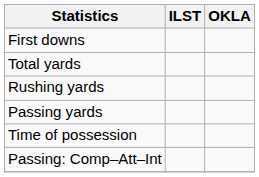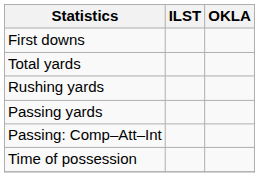 <table class="wikitable" style="float: left;">
 <tr>
 <th>Statistics</th>
 <th>ILST</th>
 <th>OKLA</th>
 </tr>
 <tr>
 <td>First downs</td>
 <td></td>
 <td></td>
 </tr>
 <tr>
 <td>Total yards</td>
 <td></td>
 <td></td>
 </tr>
 <tr>
 <td>Rushing yards</td>
 <td></td>
 <td></td>
 </tr>
 <tr>
 <td>Passing yards</td>
 <td></td>
 <td></td>
 </tr>
 <tr>
-<td>Time of possession</td>
+<td>Passing: Comp–Att–Int</td>
 <td></td>
 <td></td>
 </tr>
 <tr>
-<td>Passing: Comp–Att–Int</td>
+<td>Time of possession</td>
 <td></td>
 <td></td>
 </tr>
 <tr>
 </tr>
 </table>
